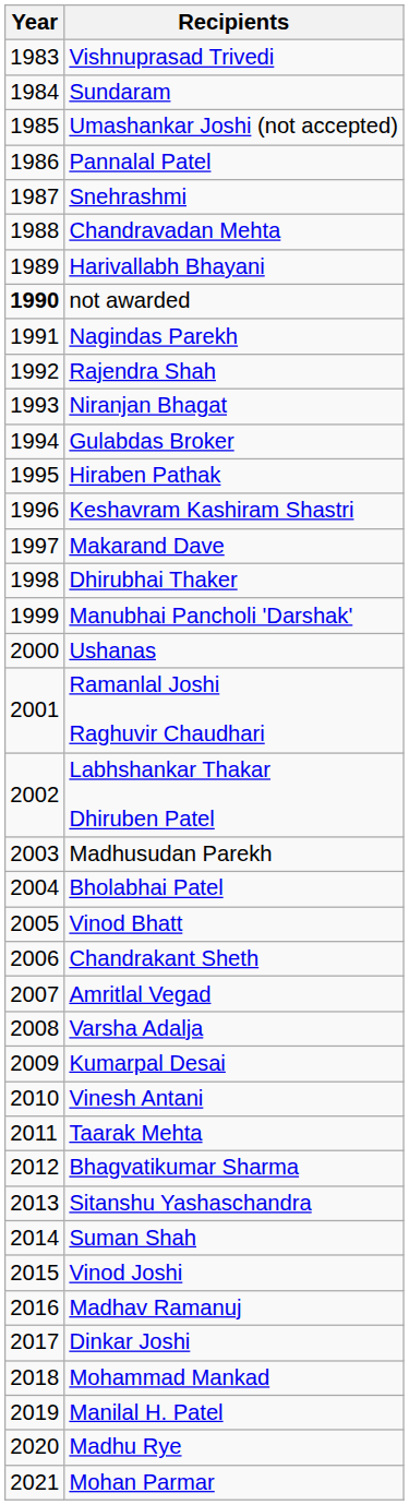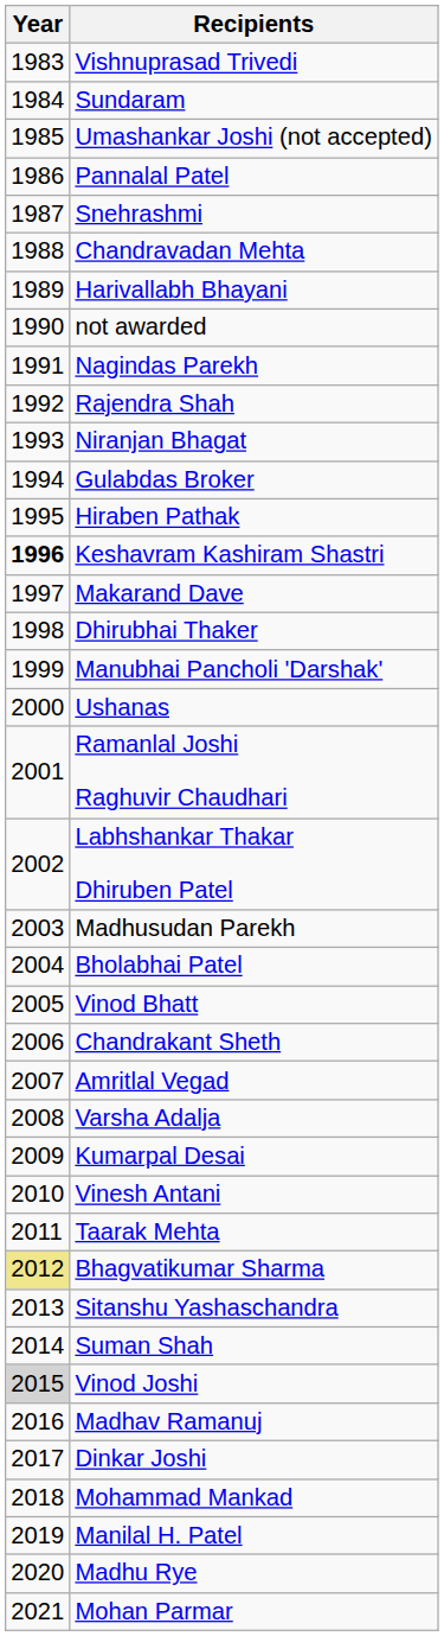 <table class="wikitable sortable">
 <tr>
 <th>Year</th>
 <th>Recipients</th>
 </tr>
 <tr>
 <td>1983</td>
 <td><a href='#'>Vishnuprasad Trivedi</a></td>
 </tr>
 <tr>
 <td>1984</td>
 <td><a href='#'>Sundaram</a></td>
 </tr>
 <tr>
 <td>1985</td>
 <td><a href='#'>Umashankar Joshi</a> (not accepted)</td>
 </tr>
 <tr>
 <td>1986</td>
 <td><a href='#'>Pannalal Patel</a></td>
 </tr>
 <tr>
 <td>1987</td>
 <td><a href='#'>Snehrashmi</a></td>
 </tr>
 <tr>
 <td>1988</td>
 <td><a href='#'>Chandravadan Mehta</a></td>
 </tr>
 <tr>
 <td>1989</td>
 <td><a href='#'>Harivallabh Bhayani</a></td>
 </tr>
 <tr>
-<td><strong>1990</strong></td>
+<td>1990</td>
 <td>not awarded</td>
 </tr>
 <tr>
 <td>1991</td>
 <td><a href='#'>Nagindas Parekh</a></td>
 </tr>
 <tr>
 <td>1992</td>
 <td><a href='#'>Rajendra Shah</a></td>
 </tr>
 <tr>
 <td>1993</td>
 <td><a href='#'>Niranjan Bhagat</a></td>
 </tr>
 <tr>
 <td>1994</td>
 <td><a href='#'>Gulabdas Broker</a></td>
 </tr>
 <tr>
 <td>1995</td>
 <td><a href='#'>Hiraben Pathak</a></td>
 </tr>
 <tr>
-<td>1996</td>
+<td><strong>1996</strong></td>
 <td><a href='#'>Keshavram Kashiram Shastri</a></td>
 </tr>
 <tr>
 <td>1997</td>
 <td><a href='#'>Makarand Dave</a></td>
 </tr>
 <tr>
 <td>1998</td>
 <td><a href='#'>Dhirubhai Thaker</a></td>
 </tr>
 <tr>
 <td>1999</td>
 <td><a href='#'>Manubhai Pancholi 'Darshak'</a></td>
 </tr>
 <tr>
 <td>2000</td>
 <td><a href='#'>Ushanas</a></td>
 </tr>
 <tr>
 <td>2001</td>
 <td><a href='#'>Ramanlal Joshi</a><br><br><a href='#'>Raghuvir Chaudhari</a></td>
 </tr>
 <tr>
 <td>2002</td>
 <td><a href='#'>Labhshankar Thakar</a><br><br><a href='#'>Dhiruben Patel</a></td>
 </tr>
 <tr>
 <td>2003</td>
 <td>Madhusudan Parekh</td>
 </tr>
 <tr>
 <td>2004</td>
 <td><a href='#'>Bholabhai Patel</a></td>
 </tr>
 <tr>
 <td>2005</td>
 <td><a href='#'>Vinod Bhatt</a></td>
 </tr>
 <tr>
 <td>2006</td>
 <td><a href='#'>Chandrakant Sheth</a></td>
 </tr>
 <tr>
 <td>2007</td>
 <td><a href='#'>Amritlal Vegad</a></td>
 </tr>
 <tr>
 <td>2008</td>
 <td><a href='#'>Varsha Adalja</a></td>
 </tr>
 <tr>
 <td>2009</td>
 <td><a href='#'>Kumarpal Desai</a></td>
 </tr>
 <tr>
 <td>2010</td>
 <td><a href='#'>Vinesh Antani</a></td>
 </tr>
 <tr>
 <td>2011</td>
 <td><a href='#'>Taarak Mehta</a></td>
 </tr>
 <tr>
-<td>2012</td>
+<td style="background: khaki;">2012</td>
 <td><a href='#'>Bhagvatikumar Sharma</a></td>
 </tr>
 <tr>
 <td>2013</td>
 <td><a href='#'>Sitanshu Yashaschandra</a></td>
 </tr>
 <tr>
 <td>2014</td>
 <td><a href='#'>Suman Shah</a></td>
 </tr>
 <tr>
-<td>2015</td>
+<td style="background: lightgrey;">2015</td>
 <td><a href='#'>Vinod Joshi</a></td>
 </tr>
 <tr>
 <td>2016</td>
 <td><a href='#'>Madhav Ramanuj</a></td>
 </tr>
 <tr>
 <td>2017</td>
 <td><a href='#'>Dinkar Joshi</a></td>
 </tr>
 <tr>
 <td>2018</td>
 <td><a href='#'>Mohammad Mankad</a></td>
 </tr>
 <tr>
 <td>2019</td>
 <td><a href='#'>Manilal H. Patel</a></td>
 </tr>
 <tr>
 <td>2020</td>
 <td><a href='#'>Madhu Rye</a></td>
 </tr>
 <tr>
 <td>2021</td>
 <td><a href='#'>Mohan Parmar</a></td>
 </tr>
 </table>
